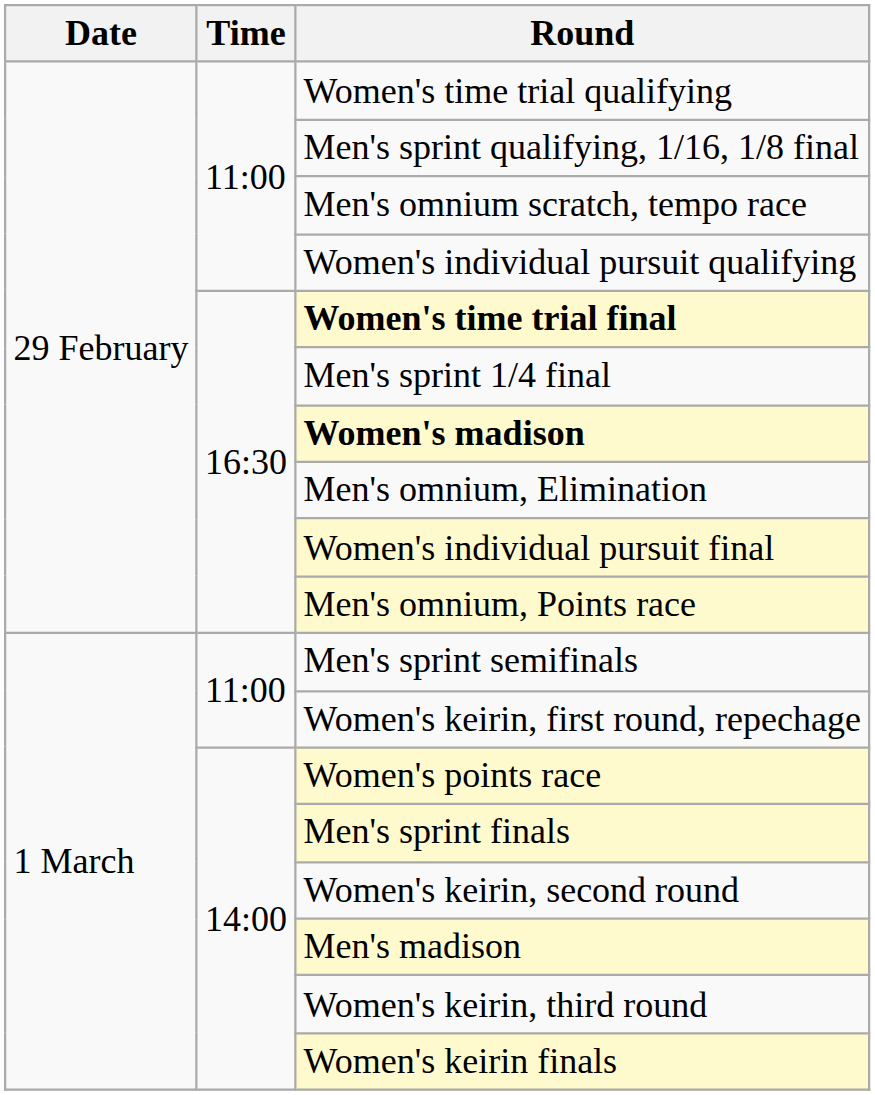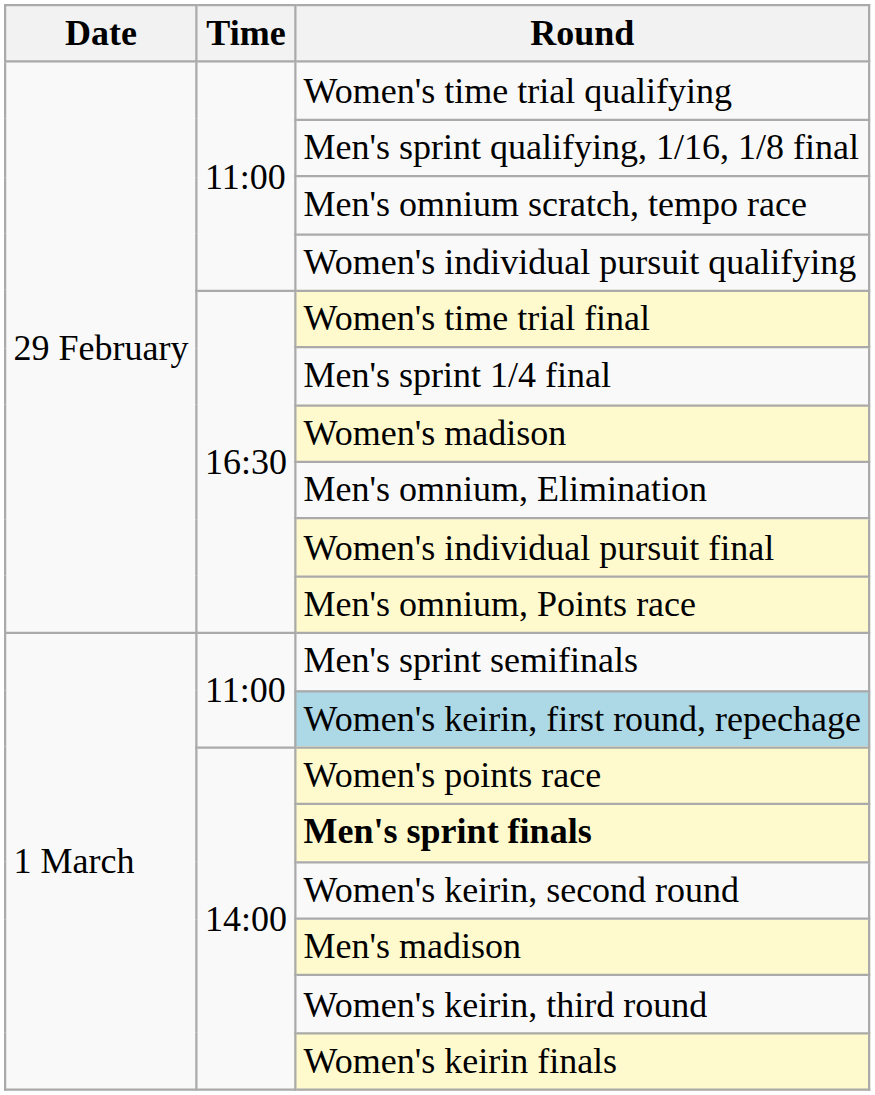 <table class="wikitable">
 <tr>
 <th>Date</th>
 <th>Time</th>
 <th>Round</th>
 </tr>
 <tr>
 <td rowspan=10>29 February</td>
 <td rowspan=4>11:00</td>
 <td>Women's time trial qualifying</td>
 </tr>
 <tr>
 <td>Men's sprint qualifying, 1/16, 1/8 final</td>
 </tr>
 <tr>
 <td>Men's omnium scratch, tempo race</td>
 </tr>
 <tr>
 <td>Women's individual pursuit qualifying</td>
 </tr>
 <tr>
 <td rowspan=6>16:30</td>
-<td style="background:lemonchiffon"><strong>Women's time trial final</strong></td>
+<td style="background:lemonchiffon">Women's time trial final</td>
 </tr>
 <tr>
 <td>Men's sprint 1/4 final</td>
 </tr>
 <tr>
-<td style="background:lemonchiffon"><strong>Women's madison</strong></td>
+<td style="background:lemonchiffon">Women's madison</td>
 </tr>
 <tr>
 <td>Men's omnium, Elimination</td>
 </tr>
 <tr>
 <td style="background:lemonchiffon">Women's individual pursuit final</td>
 </tr>
 <tr>
 <td style="background:lemonchiffon">Men's omnium, Points race</td>
 </tr>
 <tr>
 <td rowspan=8>1 March</td>
 <td rowspan=2>11:00</td>
 <td>Men's sprint semifinals</td>
 </tr>
 <tr>
-<td>Women's keirin, first round, repechage</td>
+<td style="background: lightblue;">Women's keirin, first round, repechage</td>
 </tr>
 <tr>
 <td rowspan=6>14:00</td>
 <td style="background:lemonchiffon">Women's points race</td>
 </tr>
 <tr>
-<td style="background:lemonchiffon">Men's sprint finals</td>
+<td style="background:lemonchiffon"><strong>Men's sprint finals</strong></td>
 </tr>
 <tr>
 <td>Women's keirin, second round</td>
 </tr>
 <tr>
 <td style="background:lemonchiffon">Men's madison</td>
 </tr>
 <tr>
 <td>Women's keirin, third round</td>
 </tr>
 <tr>
 <td style="background:lemonchiffon">Women's keirin finals</td>
 </tr>
 </table>
